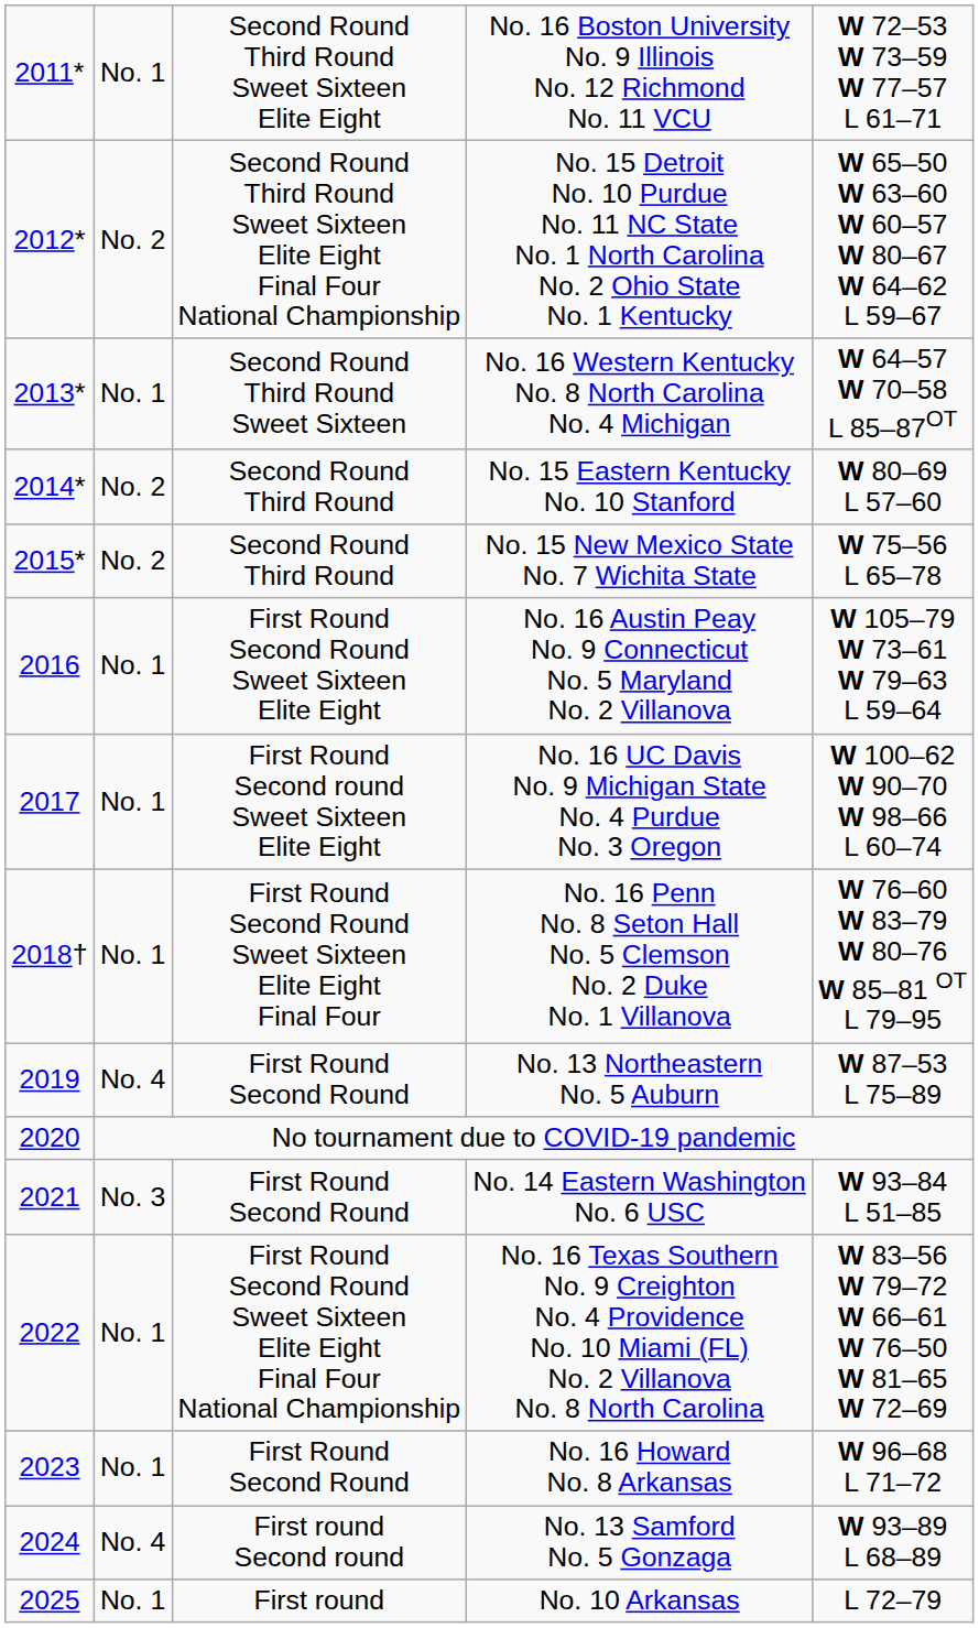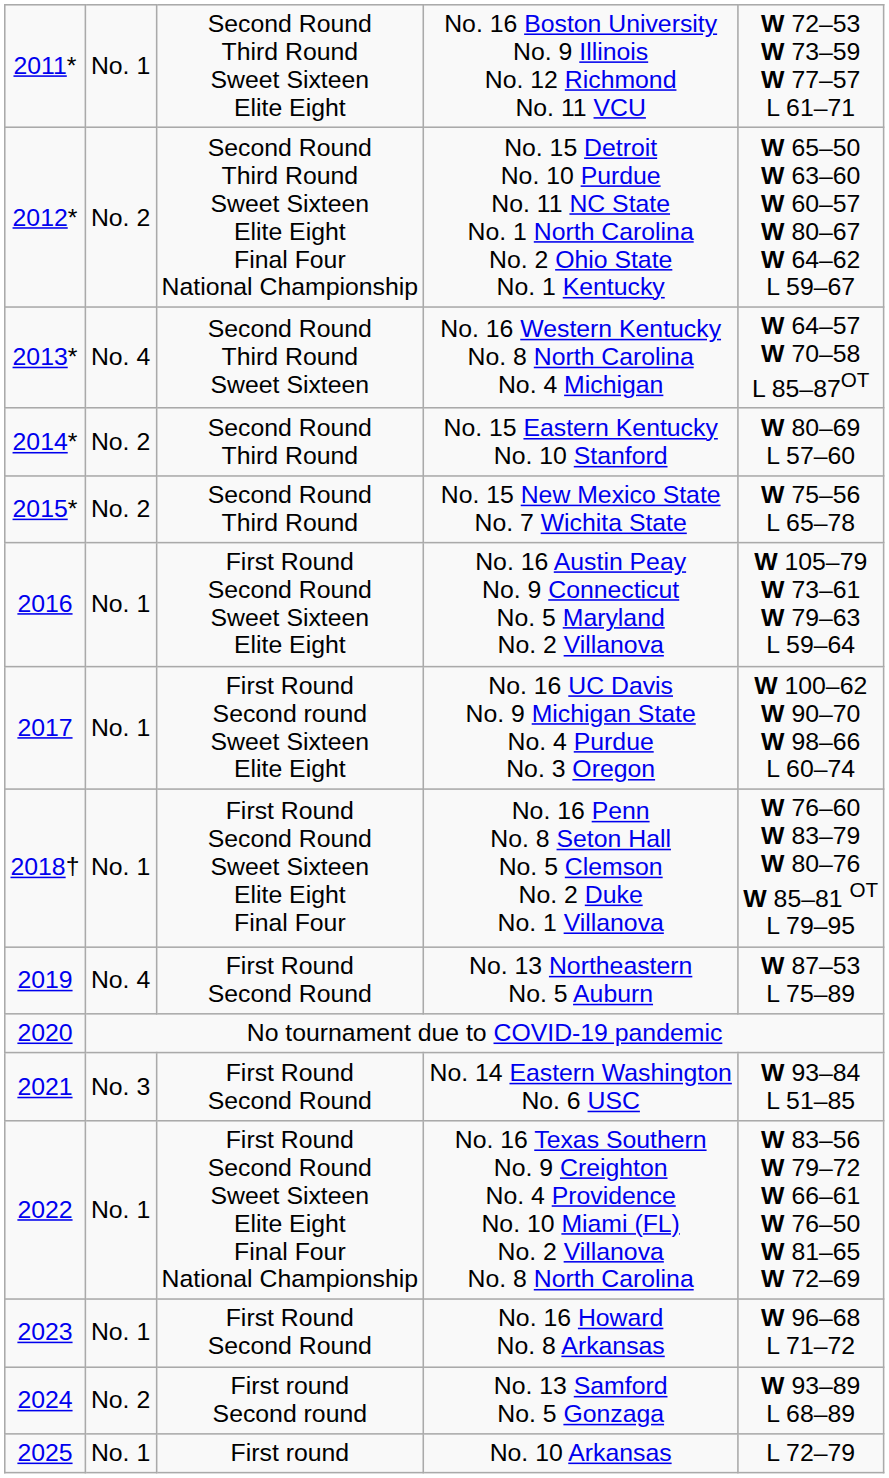 <table class="wikitable">
 <tr style="text-align:center;">
 <td><a href='#'>2011</a>*</td>
 <td>No. 1</td>
 <td>Second Round<br>Third Round<br>Sweet Sixteen<br>Elite Eight</td>
 <td>No. 16 <a href='#'>Boston University</a><br>No. 9 <a href='#'>Illinois</a><br>No. 12 <a href='#'>Richmond</a><br>No. 11 <a href='#'>VCU</a></td>
 <td><strong>W</strong> 72–53<br><strong>W</strong> 73–59<br><strong>W</strong> 77–57<br>L 61–71</td>
 </tr>
 <tr style="text-align:center;">
 <td><a href='#'>2012</a>*</td>
 <td>No. 2</td>
 <td>Second Round<br>Third Round<br>Sweet Sixteen<br>Elite Eight<br>Final Four<br>National Championship</td>
 <td>No. 15 <a href='#'>Detroit</a><br>No. 10 <a href='#'>Purdue</a><br>No. 11 <a href='#'>NC State</a><br>No. 1 <a href='#'>North Carolina</a><br>No. 2 <a href='#'>Ohio State</a><br>No. 1 <a href='#'>Kentucky</a></td>
 <td><strong>W</strong> 65–50<br><strong>W</strong> 63–60<br><strong>W</strong> 60–57<br><strong>W</strong> 80–67<br><strong>W</strong> 64–62<br>L 59–67</td>
 </tr>
 <tr style="text-align:center;">
 <td><a href='#'>2013</a>*</td>
-<td>No. 1</td>
+<td>No. 4</td>
 <td>Second Round<br>Third Round<br>Sweet Sixteen</td>
 <td>No. 16 <a href='#'>Western Kentucky</a><br>No. 8 <a href='#'>North Carolina</a><br>No. 4 <a href='#'>Michigan</a></td>
 <td><strong>W</strong> 64–57<br><strong>W</strong> 70–58<br>L 85–87<sup>OT</sup></td>
 </tr>
 <tr style="text-align:center;">
 <td><a href='#'>2014</a>*</td>
 <td>No. 2</td>
 <td>Second Round<br>Third Round</td>
 <td>No. 15 <a href='#'>Eastern Kentucky</a><br>No. 10 <a href='#'>Stanford</a></td>
 <td><strong>W</strong> 80–69<br>L 57–60</td>
 </tr>
 <tr style="text-align:center;">
 <td><a href='#'>2015</a>*</td>
 <td>No. 2</td>
 <td>Second Round<br>Third Round</td>
 <td>No. 15 <a href='#'>New Mexico State</a><br>No. 7 <a href='#'>Wichita State</a></td>
 <td><strong>W</strong> 75–56<br>L 65–78</td>
 </tr>
 <tr style="text-align:center;">
 <td><a href='#'>2016</a></td>
 <td>No. 1</td>
 <td>First Round<br>Second Round<br>Sweet Sixteen<br>Elite Eight</td>
 <td>No. 16 <a href='#'>Austin Peay</a><br>No. 9 <a href='#'>Connecticut</a><br>No. 5 <a href='#'>Maryland</a><br>No. 2 <a href='#'>Villanova</a></td>
 <td><strong>W</strong> 105–79 <br> <strong>W</strong> 73–61 <br> <strong>W</strong> 79–63 <br> L 59–64</td>
 </tr>
 <tr style="text-align:center;">
 <td><a href='#'>2017</a></td>
 <td>No. 1</td>
 <td>First Round<br>Second round<br>Sweet Sixteen<br>Elite Eight</td>
 <td>No. 16 <a href='#'>UC Davis</a><br>No. 9 <a href='#'>Michigan State</a><br>No. 4 <a href='#'>Purdue</a><br>No. 3 <a href='#'>Oregon</a></td>
 <td><strong>W</strong> 100–62<br><strong>W</strong> 90–70<br><strong>W</strong> 98–66<br>L 60–74</td>
 </tr>
 <tr style="text-align:center;">
 <td><a href='#'>2018</a>†</td>
 <td>No. 1</td>
 <td>First Round<br>Second Round<br>Sweet Sixteen<br>Elite Eight<br>Final Four</td>
 <td>No. 16 <a href='#'>Penn</a><br>No. 8 <a href='#'>Seton Hall</a><br>No. 5 <a href='#'>Clemson</a><br>No. 2 <a href='#'>Duke</a><br> No. 1 <a href='#'>Villanova</a></td>
 <td><strong>W</strong> 76–60<br><strong>W</strong> 83–79<br><strong>W</strong> 80–76<br><strong>W</strong> 85–81 <sup>OT</sup><br>L 79–95</td>
 </tr>
 <tr style="text-align:center;">
 <td><a href='#'>2019</a></td>
 <td>No. 4</td>
 <td>First Round<br>Second Round</td>
 <td>No. 13 <a href='#'>Northeastern</a><br>No. 5 <a href='#'>Auburn</a></td>
 <td><strong>W</strong> 87–53<br>L 75–89</td>
 </tr>
 <tr style="text-align:center;">
 <td><a href='#'>2020</a></td>
 <td colspan="4">No tournament due to <a href='#'>COVID-19 pandemic</a></td>
 </tr>
 <tr style="text-align:center;">
 <td><a href='#'>2021</a></td>
 <td>No. 3</td>
 <td>First Round<br>Second Round</td>
 <td>No. 14 <a href='#'>Eastern Washington</a><br>No. 6 <a href='#'>USC</a></td>
 <td><strong>W</strong> 93–84<br>L 51–85</td>
 </tr>
 <tr style="text-align:center;">
 <td><a href='#'>2022</a></td>
 <td>No. 1</td>
 <td>First Round<br>Second Round<br>Sweet Sixteen<br>Elite Eight<br>Final Four<br>National Championship</td>
 <td>No. 16 <a href='#'>Texas Southern</a><br> No. 9 <a href='#'>Creighton</a><br>No. 4 <a href='#'>Providence</a><br>No. 10 <a href='#'>Miami (FL)</a><br>No. 2 <a href='#'>Villanova</a><br>No. 8 <a href='#'>North Carolina</a></td>
 <td><strong>W</strong> 83–56<br> <strong>W</strong> 79–72<br> <strong>W</strong> 66–61<br> <strong>W</strong> 76–50<br> <strong>W</strong> 81–65<br> <strong>W</strong> 72–69</td>
 </tr>
 <tr style="text-align:center;">
 <td><a href='#'>2023</a></td>
 <td>No. 1</td>
 <td>First Round<br>Second Round</td>
 <td>No. 16 <a href='#'>Howard</a><br> No. 8 <a href='#'>Arkansas</a></td>
 <td><strong>W</strong> 96–68<br> L 71–72</td>
 </tr>
 <tr style="text-align:center;">
 <td><a href='#'>2024</a></td>
-<td>No. 4</td>
+<td>No. 2</td>
 <td>First round<br>Second round</td>
 <td>No. 13 <a href='#'>Samford</a><br>No. 5 <a href='#'>Gonzaga</a></td>
 <td><strong>W</strong> 93–89<br> L 68–89</td>
 </tr>
 <tr style="text-align:center;">
 <td><a href='#'>2025</a></td>
 <td>No. 1</td>
 <td>First round</td>
 <td>No. 10 <a href='#'>Arkansas</a></td>
 <td>L 72–79</td>
 </tr>
 </table>
